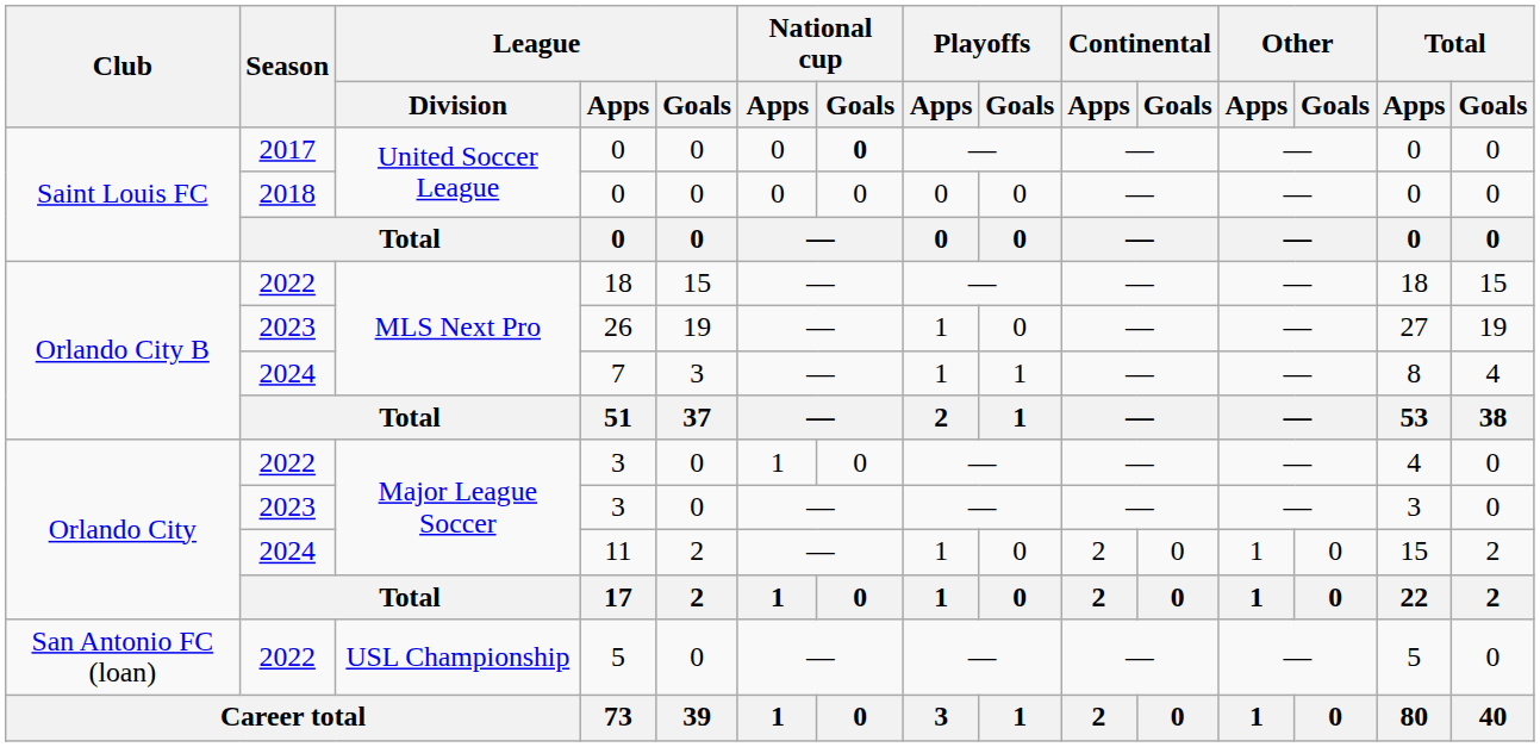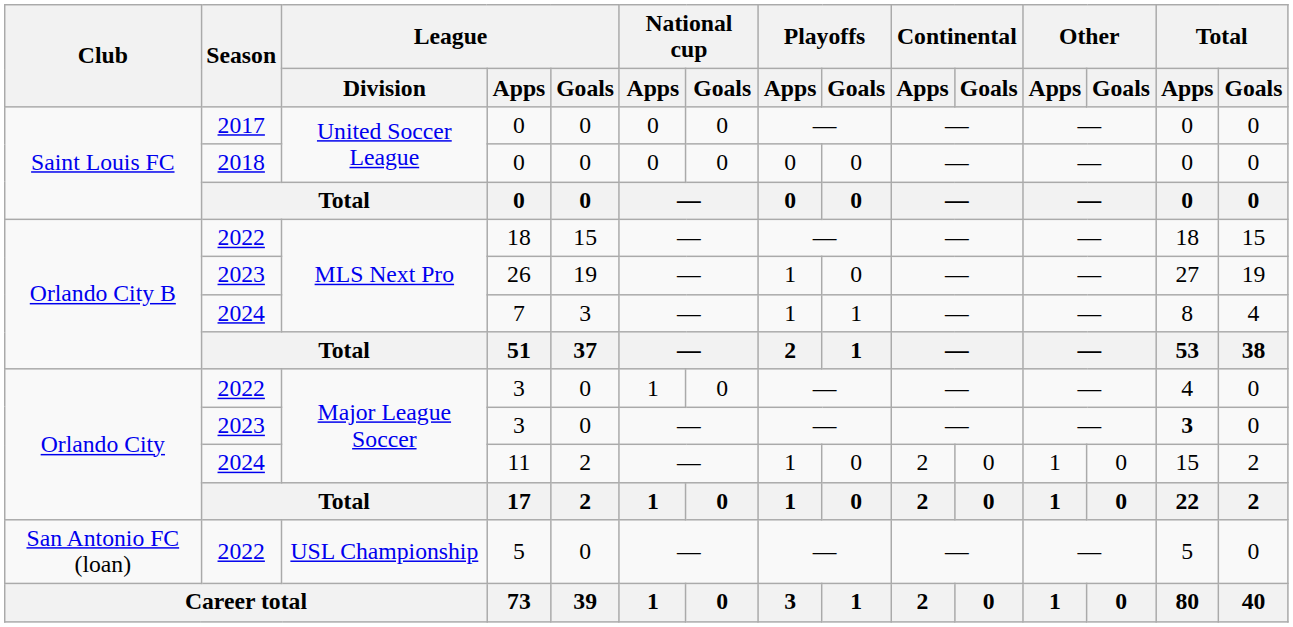 <table class="wikitable" style="text-align:center;">
 <tr>
 <th rowspan="2">Club</th>
 <th rowspan="2">Season</th>
 <th colspan="3">League</th>
 <th colspan="2">National cup</th>
 <th colspan="2">Playoffs</th>
 <th colspan="2">Continental</th>
 <th colspan="2">Other</th>
 <th colspan="2">Total</th>
 </tr>
 <tr>
 <th>Division</th>
 <th>Apps</th>
 <th>Goals</th>
 <th>Apps</th>
 <th>Goals</th>
 <th>Apps</th>
 <th>Goals</th>
 <th>Apps</th>
 <th>Goals</th>
 <th>Apps</th>
 <th>Goals</th>
 <th>Apps</th>
 <th>Goals</th>
 </tr>
 <tr>
 <td rowspan="3"><a href='#'>Saint Louis FC</a></td>
 <td><a href='#'>2017</a></td>
 <td rowspan="2"><a href='#'>United Soccer League</a></td>
 <td>0</td>
 <td>0</td>
 <td>0</td>
-<td><strong>0</strong></td>
+<td>0</td>
 <td colspan="2">—</td>
 <td colspan="2">—</td>
 <td colspan="2">—</td>
 <td>0</td>
 <td>0</td>
 </tr>
 <tr>
 <td><a href='#'>2018</a></td>
 <td>0</td>
 <td>0</td>
 <td>0</td>
 <td>0</td>
 <td>0</td>
 <td>0</td>
 <td colspan="2">—</td>
 <td colspan="2">—</td>
 <td>0</td>
 <td>0</td>
 </tr>
 <tr>
 <th colspan="2">Total</th>
 <th>0</th>
 <th>0</th>
 <th colspan="2">—</th>
 <th>0</th>
 <th>0</th>
 <th colspan="2">—</th>
 <th colspan="2">—</th>
 <th>0</th>
 <th>0</th>
 </tr>
 <tr>
 <td rowspan="4"><a href='#'>Orlando City B</a></td>
 <td><a href='#'>2022</a></td>
 <td rowspan="3"><a href='#'>MLS Next Pro</a></td>
 <td>18</td>
 <td>15</td>
 <td colspan="2">—</td>
 <td colspan="2">—</td>
 <td colspan="2">—</td>
 <td colspan="2">—</td>
 <td>18</td>
 <td>15</td>
 </tr>
 <tr>
 <td><a href='#'>2023</a></td>
 <td>26</td>
 <td>19</td>
 <td colspan="2">—</td>
 <td>1</td>
 <td>0</td>
 <td colspan="2">—</td>
 <td colspan="2">—</td>
 <td>27</td>
 <td>19</td>
 </tr>
 <tr>
 <td><a href='#'>2024</a></td>
 <td>7</td>
 <td>3</td>
 <td colspan="2">—</td>
 <td>1</td>
 <td>1</td>
 <td colspan="2">—</td>
 <td colspan="2">—</td>
 <td>8</td>
 <td>4</td>
 </tr>
 <tr>
 <th colspan="2">Total</th>
 <th>51</th>
 <th>37</th>
 <th colspan="2">—</th>
 <th>2</th>
 <th>1</th>
 <th colspan="2">—</th>
 <th colspan="2">—</th>
 <th>53</th>
 <th>38</th>
 </tr>
 <tr>
 <td rowspan="4"><a href='#'>Orlando City</a></td>
 <td><a href='#'>2022</a></td>
 <td rowspan="3"><a href='#'>Major League Soccer</a></td>
 <td>3</td>
 <td>0</td>
 <td>1</td>
 <td>0</td>
 <td colspan="2">—</td>
 <td colspan="2">—</td>
 <td colspan="2">—</td>
 <td>4</td>
 <td>0</td>
 </tr>
 <tr>
 <td><a href='#'>2023</a></td>
 <td>3</td>
 <td>0</td>
 <td colspan="2">—</td>
 <td colspan="2">—</td>
 <td colspan="2">—</td>
 <td colspan="2">—</td>
-<td>3</td>
+<td><strong>3</strong></td>
 <td>0</td>
 </tr>
 <tr>
 <td><a href='#'>2024</a></td>
 <td>11</td>
 <td>2</td>
 <td colspan="2">—</td>
 <td>1</td>
 <td>0</td>
 <td>2</td>
 <td>0</td>
 <td>1</td>
 <td>0</td>
 <td>15</td>
 <td>2</td>
 </tr>
 <tr>
 <th colspan="2">Total</th>
 <th>17</th>
 <th>2</th>
 <th>1</th>
 <th>0</th>
 <th>1</th>
 <th>0</th>
 <th>2</th>
 <th>0</th>
 <th>1</th>
 <th>0</th>
 <th>22</th>
 <th>2</th>
 </tr>
 <tr>
 <td><a href='#'>San Antonio FC</a> (loan)</td>
 <td><a href='#'>2022</a></td>
 <td><a href='#'>USL Championship</a></td>
 <td>5</td>
 <td>0</td>
 <td colspan="2">—</td>
 <td colspan="2">—</td>
 <td colspan="2">—</td>
 <td colspan="2">—</td>
 <td>5</td>
 <td>0</td>
 </tr>
 <tr>
 <th colspan="3">Career total</th>
 <th>73</th>
 <th>39</th>
 <th>1</th>
 <th>0</th>
 <th>3</th>
 <th>1</th>
 <th>2</th>
 <th>0</th>
 <th>1</th>
 <th>0</th>
 <th>80</th>
 <th>40</th>
 </tr>
 </table>
